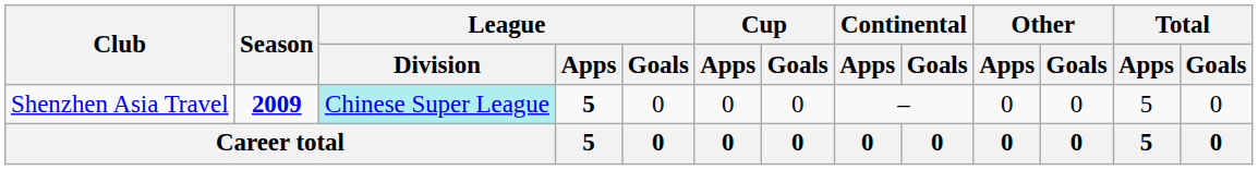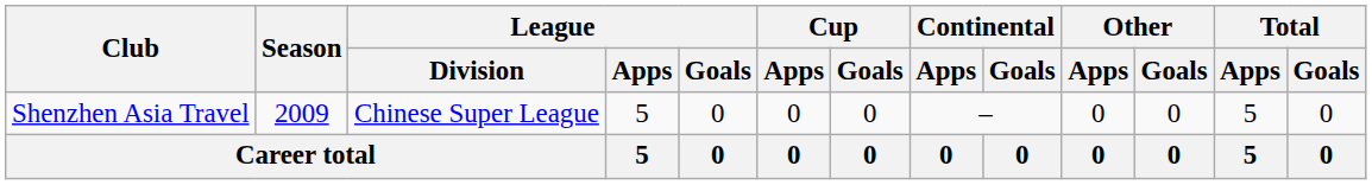 <table class="wikitable" style="text-align: center">
 <tr>
 <th rowspan="2">Club</th>
 <th rowspan="2">Season</th>
 <th colspan="3">League</th>
 <th colspan="2">Cup</th>
 <th colspan="2">Continental</th>
 <th colspan="2">Other</th>
 <th colspan="2">Total</th>
 </tr>
 <tr>
 <th>Division</th>
 <th>Apps</th>
 <th>Goals</th>
 <th>Apps</th>
 <th>Goals</th>
 <th>Apps</th>
 <th>Goals</th>
 <th>Apps</th>
 <th>Goals</th>
 <th>Apps</th>
 <th>Goals</th>
 </tr>
 <tr>
 <td><a href='#'>Shenzhen Asia Travel</a></td>
-<td><strong><a href='#'>2009</a></strong></td>
-<td style="background: paleturquoise;"><a href='#'>Chinese Super League</a></td>
-<td><strong>5</strong></td>
+<td><a href='#'>2009</a></td>
+<td><a href='#'>Chinese Super League</a></td>
+<td>5</td>
 <td>0</td>
 <td>0</td>
 <td>0</td>
 <td colspan="2">–</td>
 <td>0</td>
 <td>0</td>
 <td>5</td>
 <td>0</td>
 </tr>
 <tr>
 <th colspan=3>Career total</th>
 <th>5</th>
 <th>0</th>
 <th>0</th>
 <th>0</th>
 <th>0</th>
 <th>0</th>
 <th>0</th>
 <th>0</th>
 <th>5</th>
 <th>0</th>
 </tr>
 </table>
